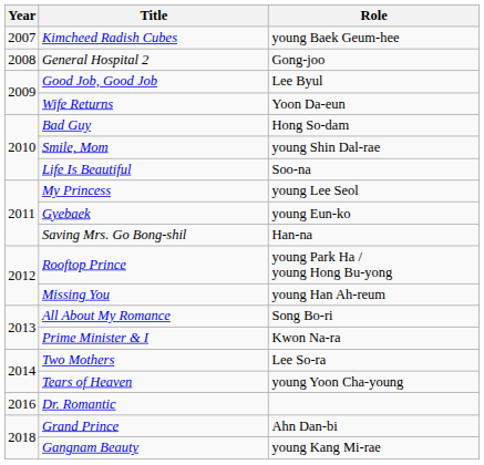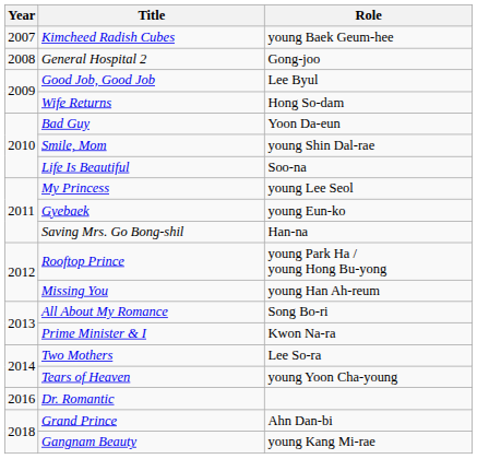 <table class="wikitable" style="width:550px">
 <tr>
 <th width=10>Year</th>
 <th>Title</th>
 <th>Role</th>
 </tr>
 <tr>
 <td>2007</td>
 <td><em><a href='#'>Kimcheed Radish Cubes</a></em></td>
 <td>young Baek Geum-hee</td>
 </tr>
 <tr>
 <td>2008</td>
 <td><em>General Hospital 2</em></td>
 <td>Gong-joo</td>
 </tr>
 <tr>
 <td rowspan=2>2009</td>
 <td><em><a href='#'>Good Job, Good Job</a></em></td>
 <td>Lee Byul</td>
 </tr>
 <tr>
 <td><em><a href='#'>Wife Returns</a></em></td>
-<td>Yoon Da-eun</td>
+<td>Hong So-dam</td>
 </tr>
 <tr>
 <td rowspan=3>2010</td>
 <td><em><a href='#'>Bad Guy</a></em></td>
-<td>Hong So-dam</td>
+<td>Yoon Da-eun</td>
 </tr>
 <tr>
 <td><em><a href='#'>Smile, Mom</a></em></td>
 <td>young Shin Dal-rae</td>
 </tr>
 <tr>
 <td><em><a href='#'>Life Is Beautiful</a></em></td>
 <td>Soo-na</td>
 </tr>
 <tr>
 <td rowspan=3>2011</td>
 <td><em><a href='#'>My Princess</a></em></td>
 <td>young Lee Seol</td>
 </tr>
 <tr>
 <td><em><a href='#'>Gyebaek</a></em></td>
 <td>young Eun-ko</td>
 </tr>
 <tr>
 <td><em>Saving Mrs. Go Bong-shil</em></td>
 <td>Han-na</td>
 </tr>
 <tr>
 <td rowspan=2>2012</td>
 <td><em><a href='#'>Rooftop Prince</a></em></td>
 <td>young Park Ha / <br> young Hong Bu-yong</td>
 </tr>
 <tr>
 <td><em><a href='#'>Missing You</a></em></td>
 <td>young Han Ah-reum</td>
 </tr>
 <tr>
 <td rowspan=2>2013</td>
 <td><em><a href='#'>All About My Romance</a></em></td>
 <td>Song Bo-ri</td>
 </tr>
 <tr>
 <td><em><a href='#'>Prime Minister & I</a></em></td>
 <td>Kwon Na-ra</td>
 </tr>
 <tr>
 <td rowspan=2>2014</td>
 <td><em><a href='#'>Two Mothers</a></em></td>
 <td>Lee So-ra</td>
 </tr>
 <tr>
 <td><em><a href='#'>Tears of Heaven</a></em></td>
 <td>young Yoon Cha-young</td>
 </tr>
 <tr>
 <td>2016</td>
 <td><em><a href='#'>Dr. Romantic</a></em></td>
 <td></td>
 </tr>
 <tr>
 <td rowspan=2>2018</td>
 <td><em><a href='#'>Grand Prince</a></em></td>
 <td>Ahn Dan-bi</td>
 </tr>
 <tr>
 <td><em><a href='#'>Gangnam Beauty</a></em></td>
 <td>young Kang Mi-rae</td>
 </tr>
 </table>
